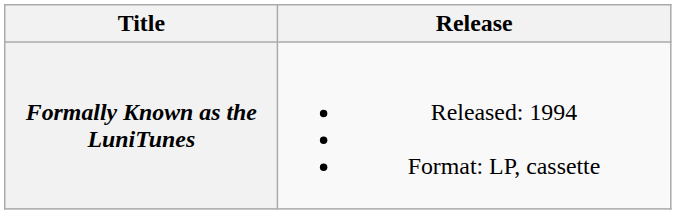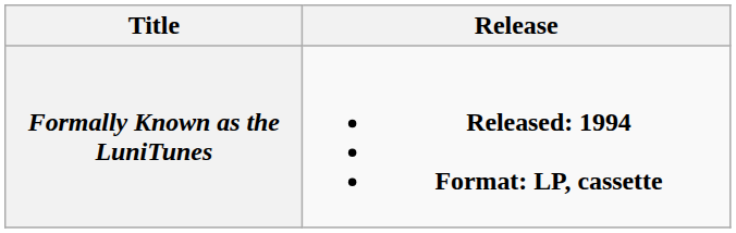 <table class="wikitable plainrowheaders" style="text-align:center;">
 <tr>
 <th scope="col" style="width:11em;">Title</th>
 <th scope="col" style="width:16em;">Release</th>
 </tr>
 <tr>
 <th scope="row"><em>Formally Known as the LuniTunes</em></th>
-<td><br><ul><li>Released: 1994</li><li></li><li>Format: LP, cassette</li></ul></td>
+<td><strong><br><ul><li>Released: 1994</li><li></li><li>Format: LP, cassette</li></ul></strong></td>
 </tr>
 </table>
